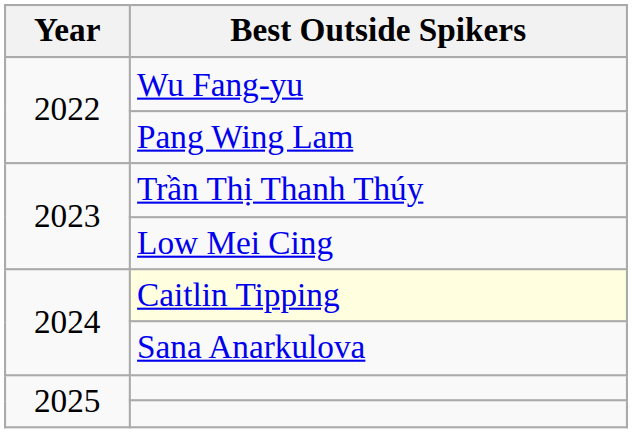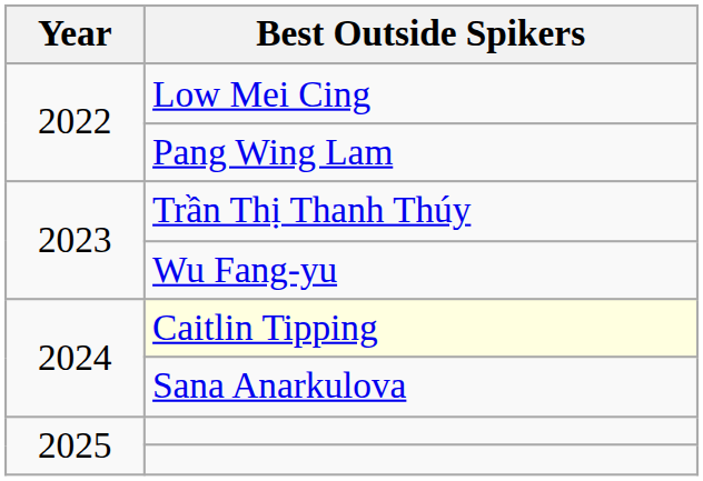 <table class="wikitable" style="width:300px;">
 <tr>
 <th width=20%>Year</th>
 <th width=80%>Best Outside Spikers</th>
 </tr>
 <tr>
 <td align=center rowspan=2>2022</td>
-<td> <a href='#'>Wu Fang-yu</a></td>
+<td> <a href='#'>Low Mei Cing</a></td>
 </tr>
 <tr>
 <td> <a href='#'>Pang Wing Lam</a></td>
 </tr>
 <tr>
 <td align=center rowspan=2>2023</td>
 <td> <a href='#'>Trần Thị Thanh Thúy</a></td>
 </tr>
 <tr>
-<td> <a href='#'>Low Mei Cing</a></td>
+<td> <a href='#'>Wu Fang-yu</a></td>
 </tr>
 <tr>
 <td align=center rowspan=2>2024</td>
 <td style="background: lightyellow;"> <a href='#'>Caitlin Tipping</a></td>
 </tr>
 <tr>
 <td> <a href='#'>Sana Anarkulova</a></td>
 </tr>
 <tr>
 <td align=center rowspan=2>2025</td>
 <td></td>
 </tr>
 <tr>
 <td></td>
 </tr>
 </table>
